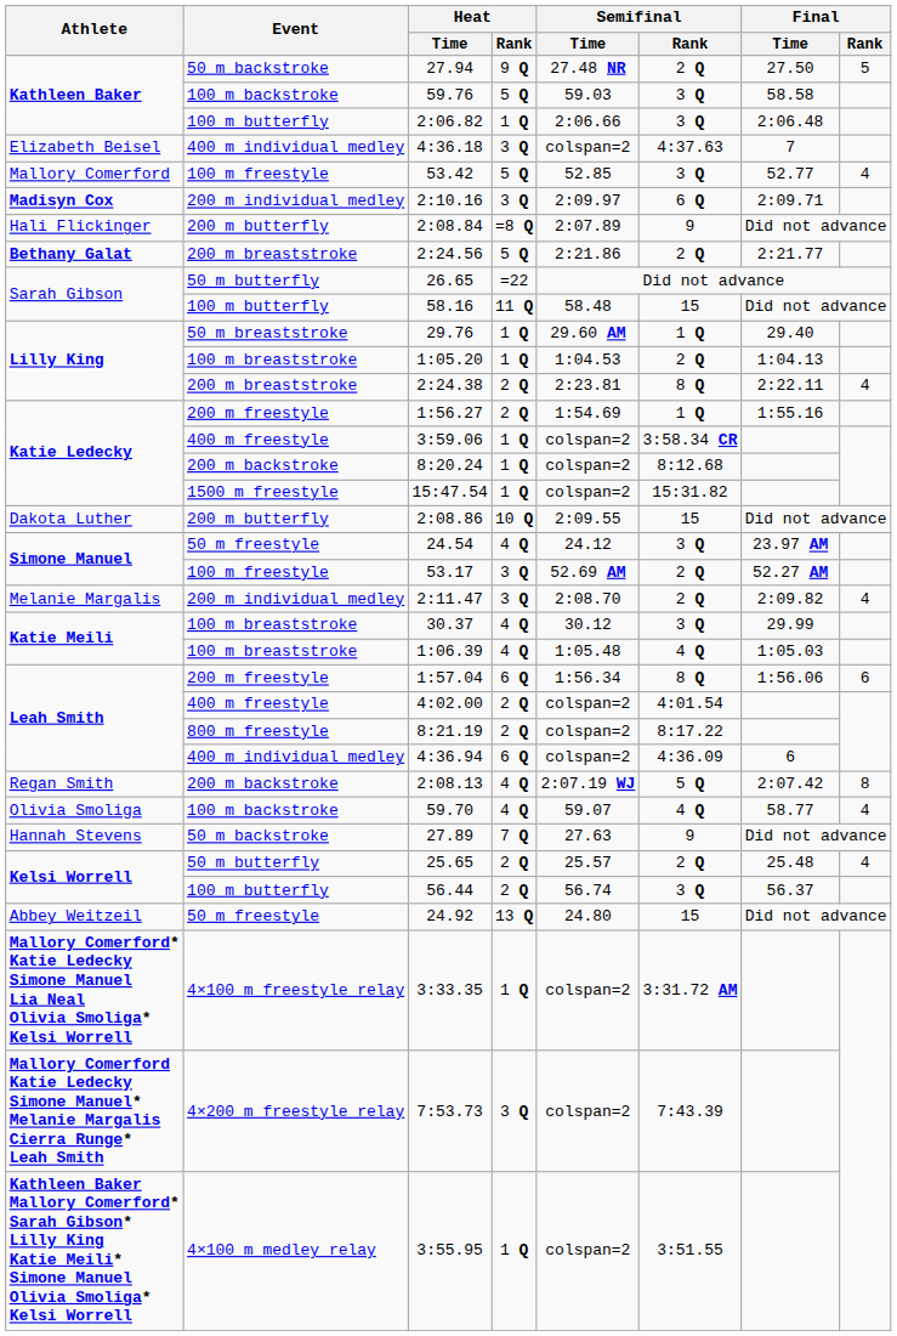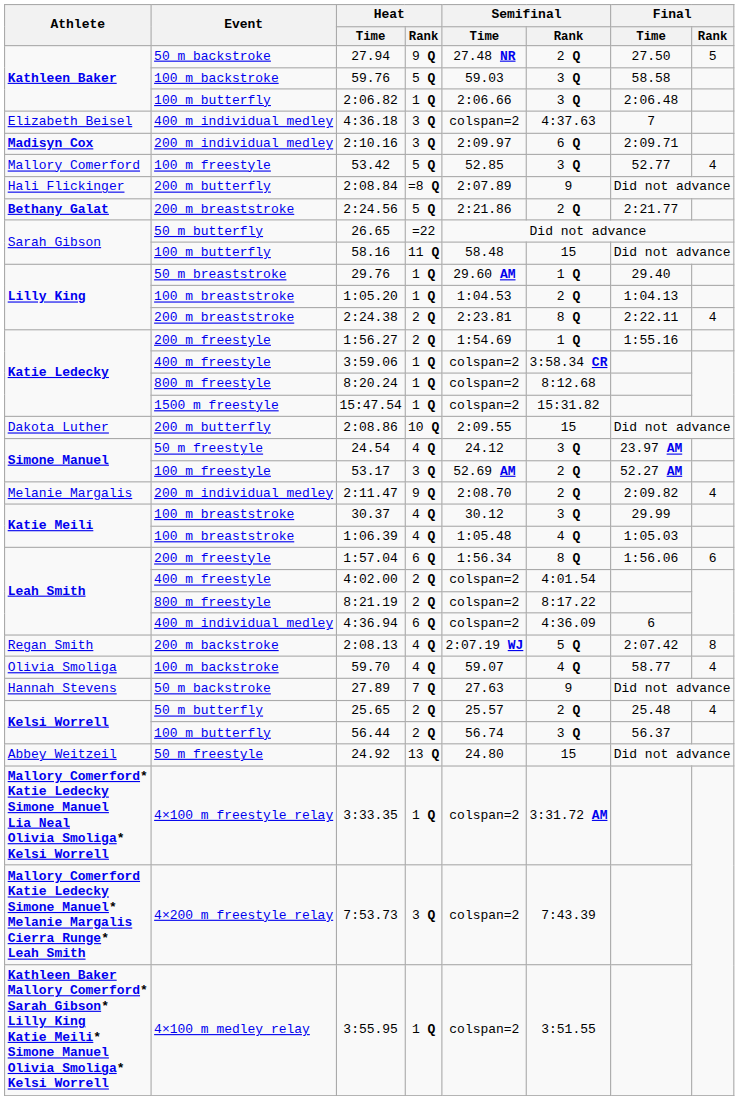 <table class=wikitable style="font-size:90%">
 <tr>
 <th rowspan="2">Athlete</th>
 <th rowspan="2">Event</th>
 <th colspan="2">Heat</th>
 <th colspan="2">Semifinal</th>
 <th colspan="2">Final</th>
 </tr>
 <tr style="font-size:95%">
 <th>Time</th>
 <th>Rank</th>
 <th>Time</th>
 <th>Rank</th>
 <th>Time</th>
 <th>Rank</th>
 </tr>
 <tr align=center>
 <td align=left rowspan=3><strong><a href='#'>Kathleen Baker</a></strong></td>
 <td align=left><a href='#'>50 m backstroke</a></td>
 <td>27.94</td>
 <td>9 <strong>Q</strong></td>
 <td>27.48 <strong><a href='#'>NR</a></strong></td>
 <td>2 <strong>Q</strong></td>
 <td>27.50</td>
 <td>5</td>
 </tr>
 <tr align=center>
 <td align=left><a href='#'>100 m backstroke</a></td>
 <td>59.76</td>
 <td>5 <strong>Q</strong></td>
 <td>59.03</td>
 <td>3 <strong>Q</strong></td>
 <td>58.58</td>
 <td></td>
 </tr>
 <tr align=center>
 <td align=left><a href='#'>100 m butterfly</a></td>
 <td>2:06.82</td>
 <td>1 <strong>Q</strong></td>
 <td>2:06.66</td>
 <td>3 <strong>Q</strong></td>
 <td>2:06.48</td>
 <td></td>
 </tr>
 <tr align=center>
 <td align=left><a href='#'>Elizabeth Beisel</a></td>
 <td align=left><a href='#'>400 m individual medley</a></td>
 <td>4:36.18</td>
 <td>3 <strong>Q</strong></td>
 <td>colspan=2 </td>
 <td>4:37.63</td>
 <td>7</td>
 </tr>
 <tr align=center>
+<td align=left><strong><a href='#'>Madisyn Cox</a></strong></td>
+<td align=left><a href='#'>200 m individual medley</a></td>
+<td>2:10.16</td>
+<td>3 <strong>Q</strong></td>
+<td>2:09.97</td>
+<td>6 <strong>Q</strong></td>
+<td>2:09.71</td>
+<td></td>
+</tr>
+<tr align=center>
 <td align=left><a href='#'>Mallory Comerford</a></td>
 <td align=left><a href='#'>100 m freestyle</a></td>
 <td>53.42</td>
 <td>5 <strong>Q</strong></td>
 <td>52.85</td>
 <td>3 <strong>Q</strong></td>
 <td>52.77</td>
 <td>4</td>
-</tr>
-<tr align=center>
-<td align=left><strong><a href='#'>Madisyn Cox</a></strong></td>
-<td align=left><a href='#'>200 m individual medley</a></td>
-<td>2:10.16</td>
-<td>3 <strong>Q</strong></td>
-<td>2:09.97</td>
-<td>6 <strong>Q</strong></td>
-<td>2:09.71</td>
-<td></td>
 </tr>
 <tr align=center>
 <td align=left><a href='#'>Hali Flickinger</a></td>
 <td align=left><a href='#'>200 m butterfly</a></td>
 <td>2:08.84</td>
 <td>=8 <strong>Q</strong></td>
 <td>2:07.89</td>
 <td>9</td>
 <td colspan="2">Did not advance</td>
 </tr>
 <tr align=center>
 <td align=left><strong><a href='#'>Bethany Galat</a></strong></td>
 <td align=left><a href='#'>200 m breaststroke</a></td>
 <td>2:24.56</td>
 <td>5 <strong>Q</strong></td>
 <td>2:21.86</td>
 <td>2 <strong>Q</strong></td>
 <td>2:21.77</td>
 <td></td>
 </tr>
 <tr align=center>
 <td align=left rowspan=2><a href='#'>Sarah Gibson</a></td>
 <td align=left><a href='#'>50 m butterfly</a></td>
 <td>26.65</td>
 <td>=22</td>
 <td colspan=4>Did not advance</td>
 </tr>
 <tr align=center>
 <td align=left><a href='#'>100 m butterfly</a></td>
 <td>58.16</td>
 <td>11 <strong>Q</strong></td>
 <td>58.48</td>
 <td>15</td>
 <td colspan="2">Did not advance</td>
 </tr>
 <tr align=center>
 <td align=left rowspan=3><strong><a href='#'>Lilly King</a></strong></td>
 <td align=left><a href='#'>50 m breaststroke</a></td>
 <td>29.76</td>
 <td>1 <strong>Q</strong></td>
 <td>29.60 <strong><a href='#'>AM</a></strong></td>
 <td>1 <strong>Q</strong></td>
 <td>29.40  </td>
 <td></td>
 </tr>
 <tr align=center>
 <td align=left><a href='#'>100 m breaststroke</a></td>
 <td>1:05.20</td>
 <td>1 <strong>Q</strong></td>
 <td>1:04.53</td>
 <td>2 <strong>Q</strong></td>
 <td>1:04.13 </td>
 <td></td>
 </tr>
 <tr align=center>
 <td align=left><a href='#'>200 m breaststroke</a></td>
 <td>2:24.38</td>
 <td>2 <strong>Q</strong></td>
 <td>2:23.81</td>
 <td>8 <strong>Q</strong></td>
 <td>2:22.11</td>
 <td>4</td>
 </tr>
 <tr align=center>
 <td align=left rowspan=4><strong><a href='#'>Katie Ledecky</a></strong></td>
 <td align=left><a href='#'>200 m freestyle</a></td>
 <td>1:56.27</td>
 <td>2 <strong>Q</strong></td>
 <td>1:54.69</td>
 <td>1 <strong>Q</strong></td>
 <td>1:55.16</td>
 <td></td>
 </tr>
 <tr align=center>
 <td align=left><a href='#'>400 m freestyle</a></td>
 <td>3:59.06</td>
 <td>1 <strong>Q</strong></td>
 <td>colspan=2 </td>
 <td>3:58.34 <strong><a href='#'>CR</a></strong></td>
 <td></td>
 </tr>
 <tr align=center>
-<td align=left><a href='#'>200 m backstroke</a></td>
+<td align=left><a href='#'>800 m freestyle</a></td>
 <td>8:20.24</td>
 <td>1 <strong>Q</strong></td>
 <td>colspan=2 </td>
 <td>8:12.68</td>
 <td></td>
 </tr>
 <tr align=center>
 <td align=left><a href='#'>1500 m freestyle</a></td>
 <td>15:47.54</td>
 <td>1 <strong>Q</strong></td>
 <td>colspan=2 </td>
 <td>15:31.82</td>
 <td></td>
 </tr>
 <tr align=center>
 <td align=left><a href='#'>Dakota Luther</a></td>
 <td align=left><a href='#'>200 m butterfly</a></td>
 <td>2:08.86</td>
 <td>10 <strong>Q</strong></td>
 <td>2:09.55</td>
 <td>15</td>
 <td colspan="2">Did not advance</td>
 </tr>
 <tr align=center>
 <td align=left rowspan=2><strong><a href='#'>Simone Manuel</a></strong></td>
 <td align=left><a href='#'>50 m freestyle</a></td>
 <td>24.54</td>
 <td>4 <strong>Q</strong></td>
 <td>24.12</td>
 <td>3 <strong>Q</strong></td>
 <td>23.97 <strong><a href='#'>AM</a></strong></td>
 <td></td>
 </tr>
 <tr align=center>
 <td align=left><a href='#'>100 m freestyle</a></td>
 <td>53.17</td>
 <td>3 <strong>Q</strong></td>
 <td>52.69 <strong><a href='#'>AM</a></strong></td>
 <td>2 <strong>Q</strong></td>
 <td>52.27 <strong><a href='#'>AM</a></strong></td>
 <td></td>
 </tr>
 <tr align=center>
 <td align=left><a href='#'>Melanie Margalis</a></td>
 <td align=left><a href='#'>200 m individual medley</a></td>
 <td>2:11.47</td>
-<td>3 <strong>Q</strong></td>
+<td>9 <strong>Q</strong></td>
 <td>2:08.70</td>
 <td>2 <strong>Q</strong></td>
 <td>2:09.82</td>
 <td>4</td>
 </tr>
 <tr align=center>
 <td align=left rowspan=2><strong><a href='#'>Katie Meili</a></strong></td>
 <td align=left><a href='#'>100 m breaststroke</a></td>
 <td>30.37</td>
 <td>4 <strong>Q</strong></td>
 <td>30.12</td>
 <td>3 <strong>Q</strong></td>
 <td>29.99</td>
 <td></td>
 </tr>
 <tr align=center>
 <td align=left><a href='#'>100 m breaststroke</a></td>
 <td>1:06.39</td>
 <td>4 <strong>Q</strong></td>
 <td>1:05.48</td>
 <td>4 <strong>Q</strong></td>
 <td>1:05.03</td>
 <td></td>
 </tr>
 <tr align=center>
 <td rowspan="4" align="left"><strong><a href='#'>Leah Smith</a></strong></td>
 <td align=left><a href='#'>200 m freestyle</a></td>
 <td>1:57.04</td>
 <td>6 <strong>Q</strong></td>
 <td>1:56.34</td>
 <td>8 <strong>Q</strong></td>
 <td>1:56.06</td>
 <td>6</td>
 </tr>
 <tr align=center>
 <td align=left><a href='#'>400 m freestyle</a></td>
 <td>4:02.00</td>
 <td>2 <strong>Q</strong></td>
 <td>colspan=2 </td>
 <td>4:01.54</td>
 <td></td>
 </tr>
 <tr align=center>
 <td align=left><a href='#'>800 m freestyle</a></td>
 <td>8:21.19</td>
 <td>2 <strong>Q</strong></td>
 <td>colspan=2 </td>
 <td>8:17.22</td>
 <td></td>
 </tr>
 <tr align=center>
 <td align=left><a href='#'>400 m individual medley</a></td>
 <td>4:36.94</td>
 <td>6 <strong>Q</strong></td>
 <td>colspan=2 </td>
 <td>4:36.09</td>
 <td>6</td>
 </tr>
 <tr align=center>
 <td align=left><a href='#'>Regan Smith</a></td>
 <td align=left><a href='#'>200 m backstroke</a></td>
 <td>2:08.13</td>
 <td>4 <strong>Q</strong></td>
 <td>2:07.19 <strong><a href='#'>WJ</a></strong></td>
 <td>5 <strong>Q</strong></td>
 <td>2:07.42</td>
 <td>8</td>
 </tr>
 <tr align=center>
 <td align=left><a href='#'>Olivia Smoliga</a></td>
 <td align=left><a href='#'>100 m backstroke</a></td>
 <td>59.70</td>
 <td>4 <strong>Q</strong></td>
 <td>59.07</td>
 <td>4 <strong>Q</strong></td>
 <td>58.77</td>
 <td>4</td>
 </tr>
 <tr align=center>
 <td align=left><a href='#'>Hannah Stevens</a></td>
 <td align=left><a href='#'>50 m backstroke</a></td>
 <td>27.89</td>
 <td>7 <strong>Q</strong></td>
 <td>27.63</td>
 <td>9</td>
 <td colspan="2">Did not advance</td>
 </tr>
 <tr align=center>
 <td align=left rowspan=2><strong><a href='#'>Kelsi Worrell</a></strong></td>
 <td align=left><a href='#'>50 m butterfly</a></td>
 <td>25.65</td>
 <td>2 <strong>Q</strong></td>
 <td>25.57</td>
 <td>2 <strong>Q</strong></td>
 <td>25.48</td>
 <td>4</td>
 </tr>
 <tr align=center>
 <td align=left><a href='#'>100 m butterfly</a></td>
 <td>56.44</td>
 <td>2 <strong>Q</strong></td>
 <td>56.74</td>
 <td>3 <strong>Q</strong></td>
 <td>56.37</td>
 <td></td>
 </tr>
 <tr align=center>
 <td align=left><a href='#'>Abbey Weitzeil</a></td>
 <td align=left><a href='#'>50 m freestyle</a></td>
 <td>24.92</td>
 <td>13 <strong>Q</strong></td>
 <td>24.80</td>
 <td>15</td>
 <td colspan="2">Did not advance</td>
 </tr>
 <tr align=center>
 <td align=left><strong><a href='#'>Mallory Comerford</a>*<br><a href='#'>Katie Ledecky</a><br><a href='#'>Simone Manuel</a><br><a href='#'>Lia Neal</a><br><a href='#'>Olivia Smoliga</a>*<br><a href='#'>Kelsi Worrell</a></strong></td>
 <td align=left><a href='#'>4×100 m freestyle relay</a></td>
 <td>3:33.35</td>
 <td>1 <strong>Q</strong></td>
 <td>colspan=2 </td>
 <td>3:31.72 <strong><a href='#'>AM</a></strong></td>
 <td></td>
 </tr>
 <tr align=center>
 <td align=left><strong><a href='#'>Mallory Comerford</a><br><a href='#'>Katie Ledecky</a><br><a href='#'>Simone Manuel</a>*<br><a href='#'>Melanie Margalis</a><br><a href='#'>Cierra Runge</a>*<br><a href='#'>Leah Smith</a></strong></td>
 <td align=left><a href='#'>4×200 m freestyle relay</a></td>
 <td>7:53.73</td>
 <td>3 <strong>Q</strong></td>
 <td>colspan=2 </td>
 <td>7:43.39</td>
 <td></td>
 </tr>
 <tr align=center>
 <td align=left><strong><a href='#'>Kathleen Baker</a><br><a href='#'>Mallory Comerford</a>*<br><a href='#'>Sarah Gibson</a>*<br><a href='#'>Lilly King</a><br><a href='#'>Katie Meili</a>*<br><a href='#'>Simone Manuel</a><br><a href='#'>Olivia Smoliga</a>*<br><a href='#'>Kelsi Worrell</a></strong></td>
 <td align=left><a href='#'>4×100 m medley relay</a></td>
 <td>3:55.95</td>
 <td>1 <strong>Q</strong></td>
 <td>colspan=2 </td>
 <td>3:51.55 </td>
 <td></td>
 </tr>
 </table>
